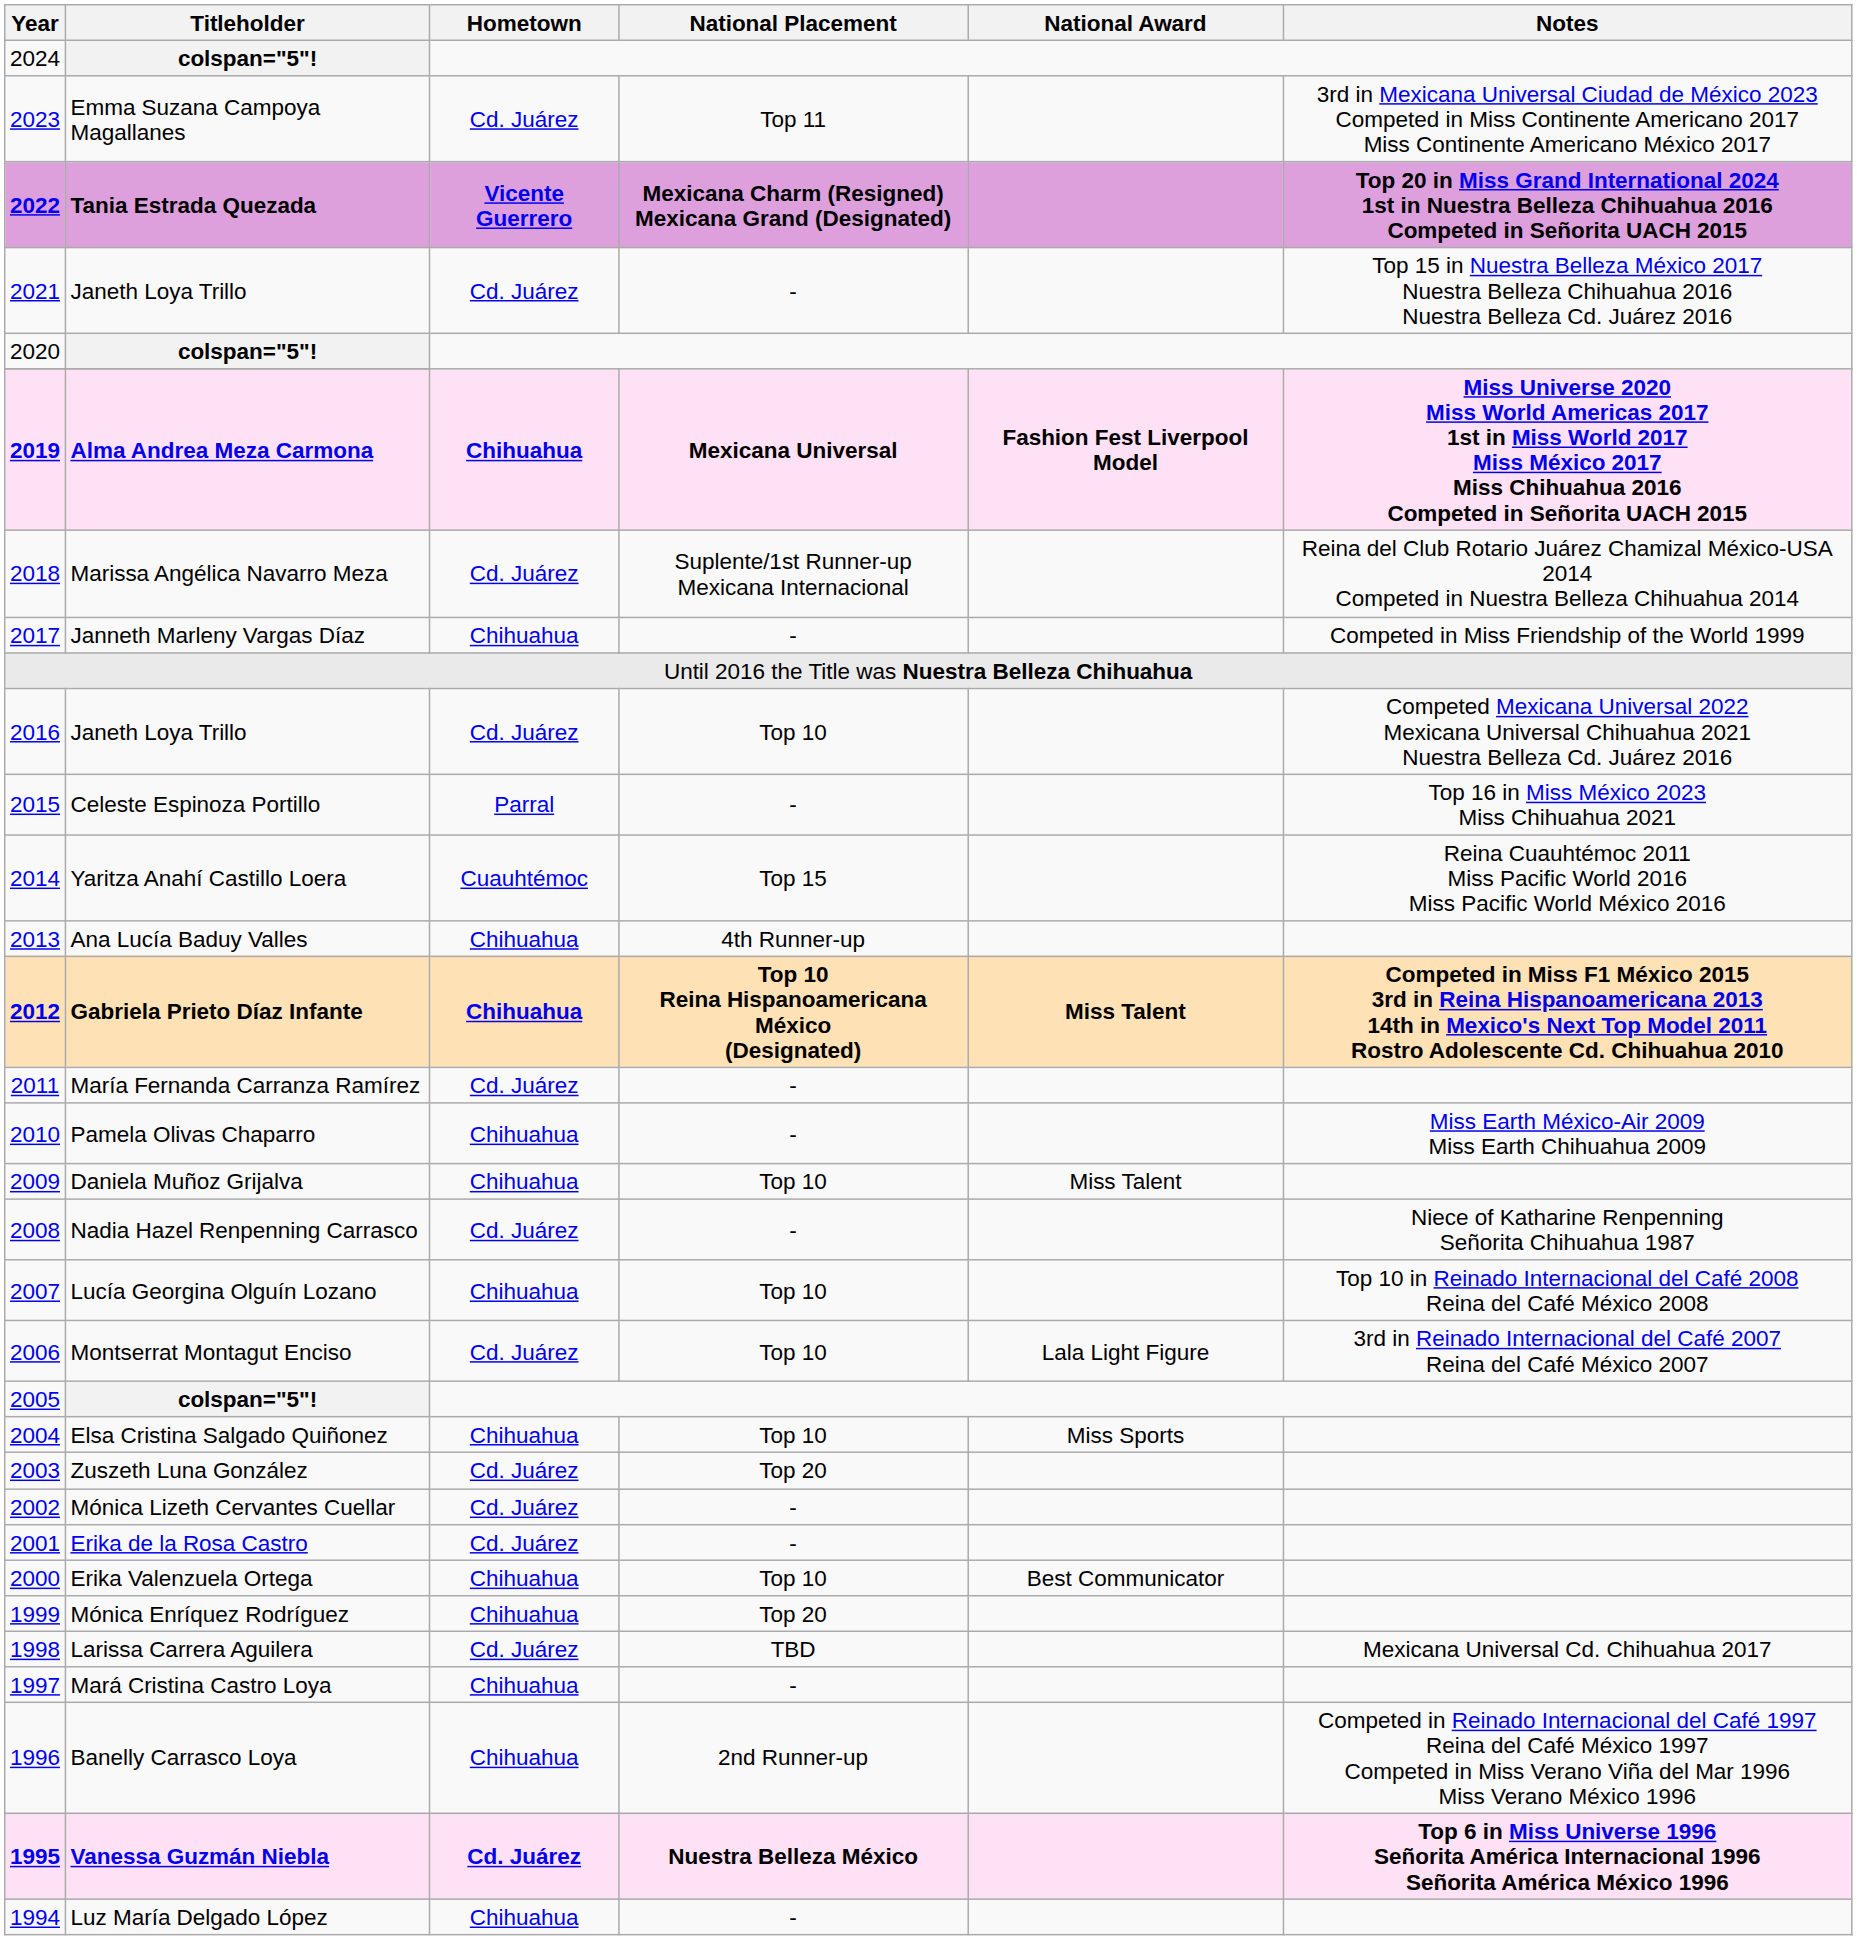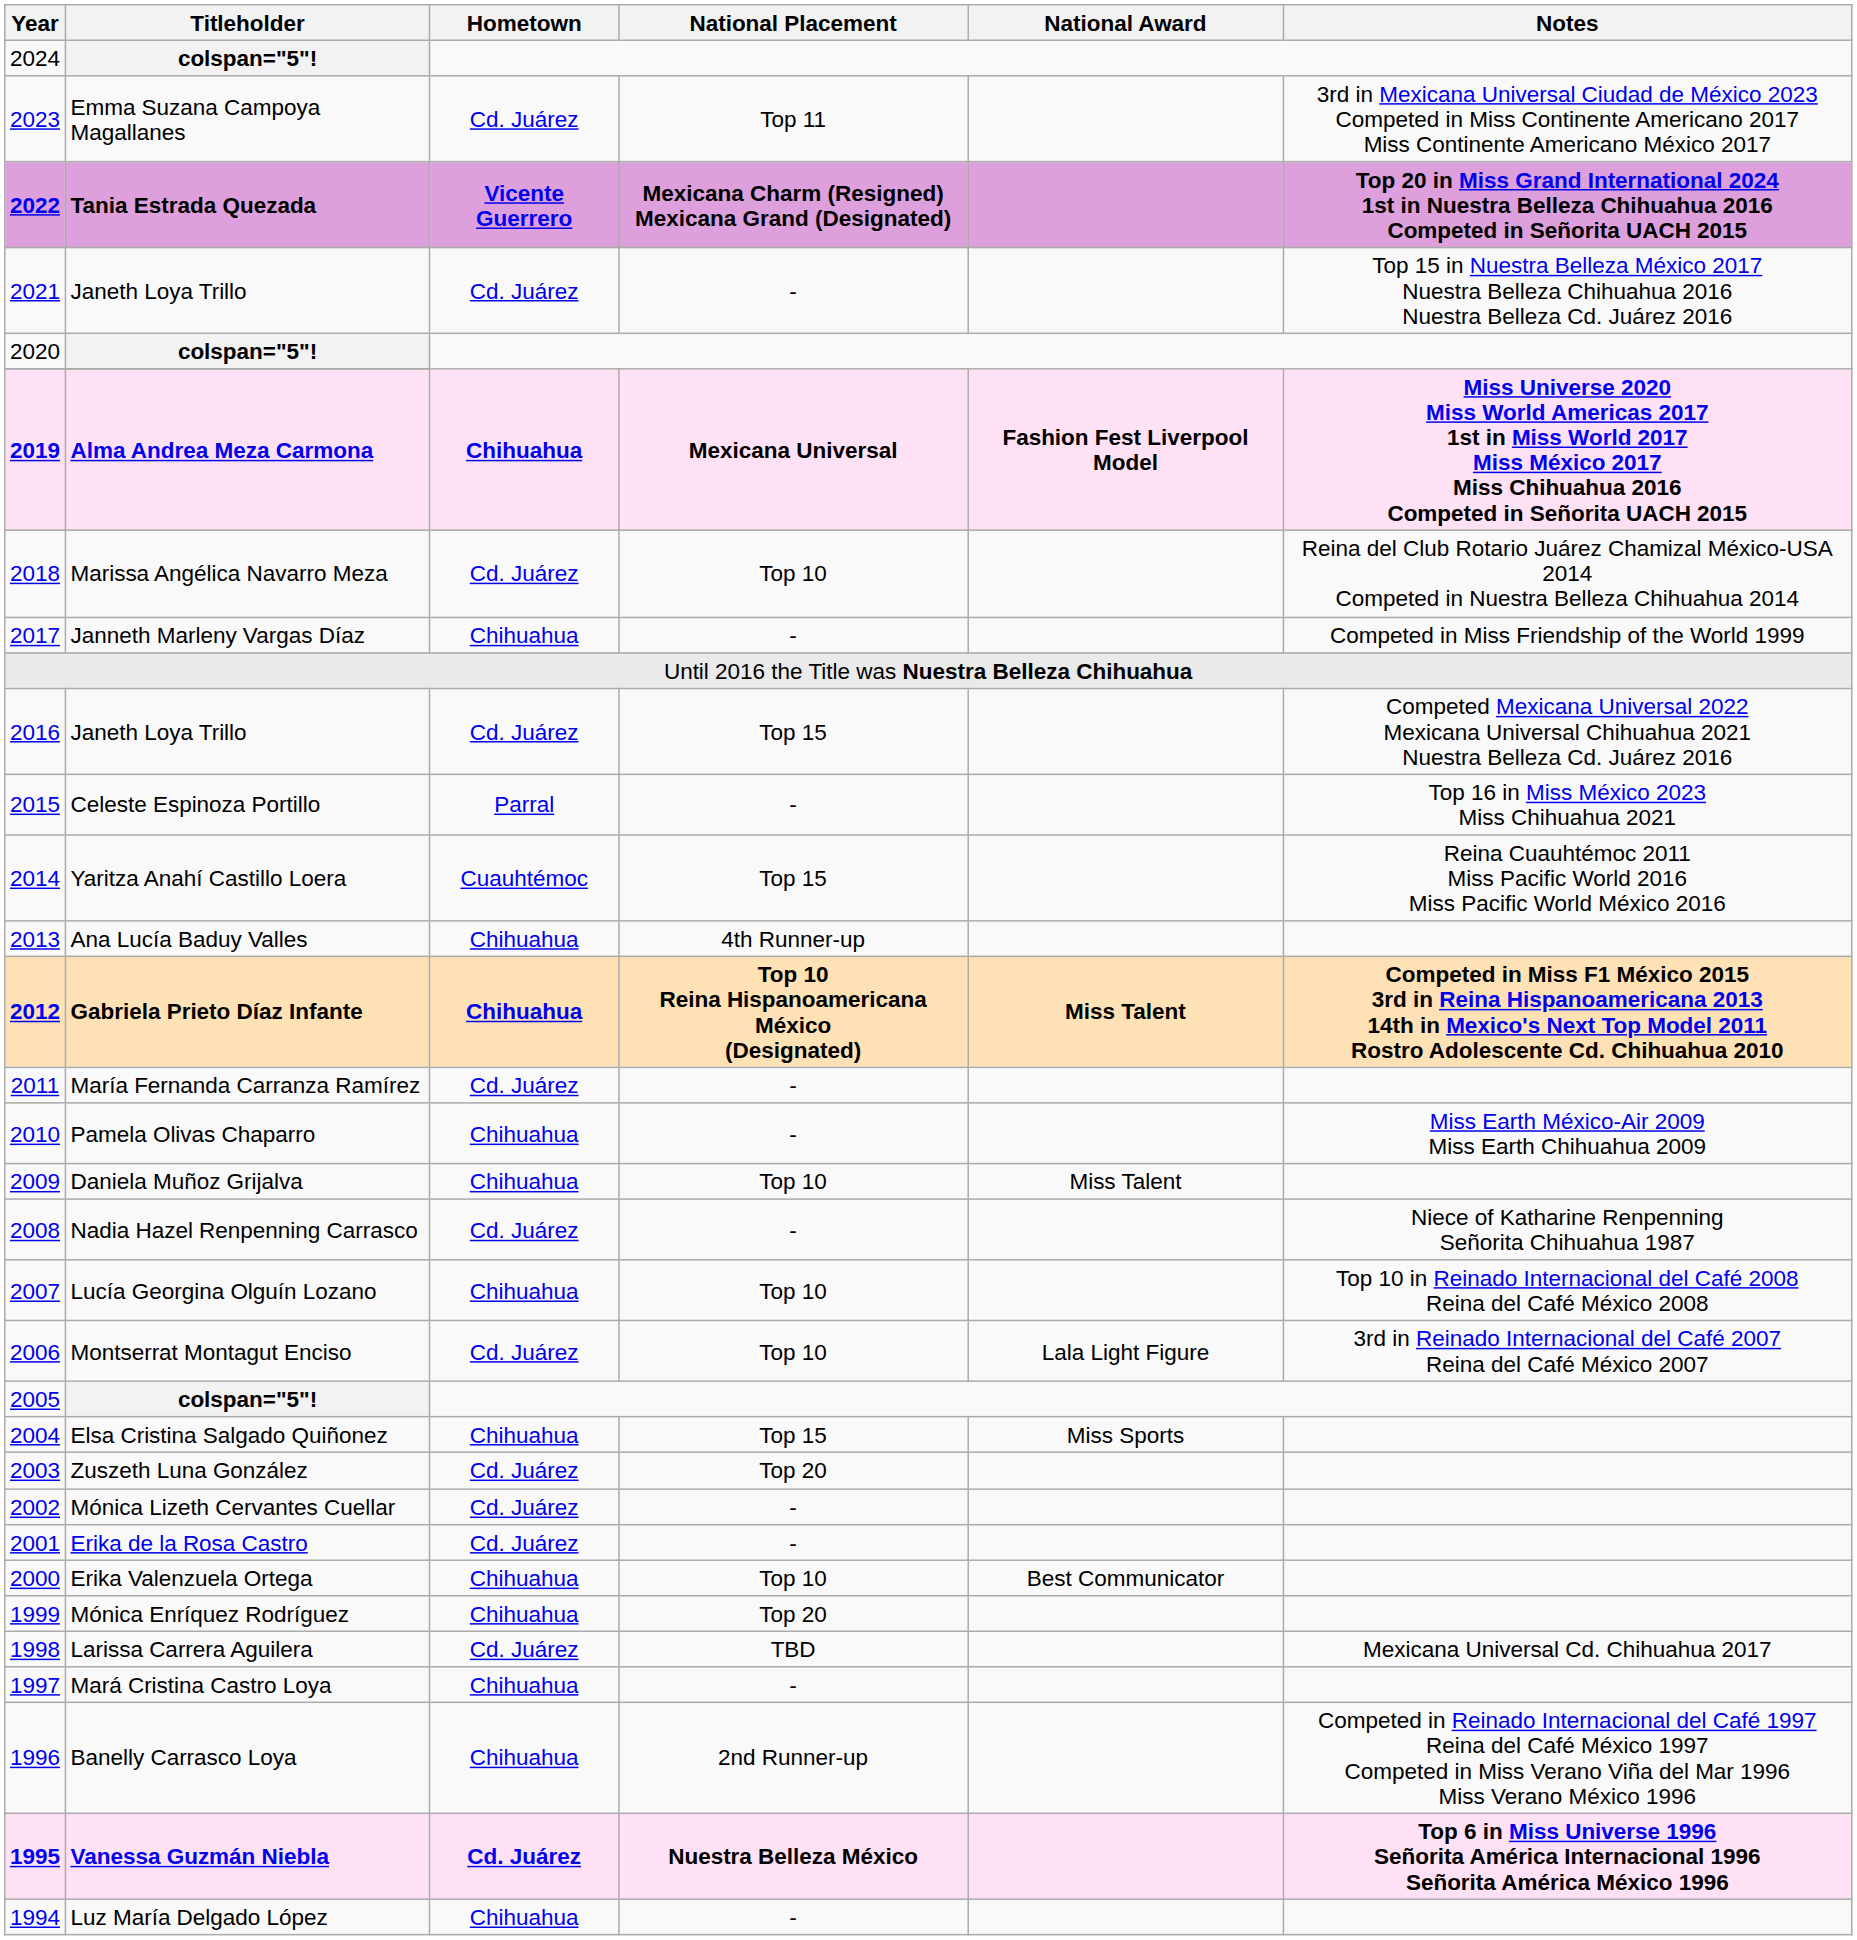 <table class="wikitable sortable" style="font-size: 95%;">
 <tr>
 <th>Year</th>
 <th>Titleholder</th>
 <th>Hometown</th>
 <th>National Placement</th>
 <th>National Award</th>
 <th>Notes</th>
 </tr>
 <tr>
 <td align="center">2024</td>
 <th>colspan="5"!</th>
 </tr>
 <tr>
 <td align="center"><a href='#'>2023</a></td>
 <td>Emma Suzana Campoya Magallanes</td>
 <td align="center"><a href='#'>Cd. Juárez</a></td>
 <td align="center">Top 11</td>
 <td align="center"></td>
 <td align="center">3rd in <a href='#'>Mexicana Universal Ciudad de México 2023</a><br>Competed in Miss Continente Americano 2017<br>Miss Continente Americano México 2017</td>
 </tr>
 <tr bgcolor="#DDA0DD">
 <td align="center"><strong><a href='#'>2022</a></strong></td>
 <td><strong>Tania Estrada Quezada</strong></td>
 <td align="center"><strong><a href='#'>Vicente Guerrero</a></strong></td>
 <td align="center"><strong>Mexicana Charm (Resigned)<br>Mexicana Grand (Designated)</strong></td>
 <td align="center"></td>
 <td align="center"><strong>Top 20 in <a href='#'>Miss Grand International 2024</a><br>1st in Nuestra Belleza Chihuahua 2016<br>Competed in Señorita UACH 2015</strong></td>
 </tr>
 <tr>
 <td align="center"><a href='#'>2021</a></td>
 <td>Janeth Loya Trillo</td>
 <td align="center"><a href='#'>Cd. Juárez</a></td>
 <td align="center">-</td>
 <td align="center"></td>
 <td align="center">Top 15 in <a href='#'>Nuestra Belleza México 2017</a><br>Nuestra Belleza Chihuahua 2016<br>Nuestra Belleza Cd. Juárez 2016</td>
 </tr>
 <tr>
 <td align="center">2020</td>
 <th>colspan="5"!</th>
 </tr>
 <tr>
 </tr>
 <tr bgcolor="#FFE1F5">
 <td align="center"><strong><a href='#'>2019</a></strong></td>
 <td><strong><a href='#'>Alma Andrea Meza Carmona</a></strong></td>
 <td align="center"><strong><a href='#'>Chihuahua</a></strong></td>
 <td align="center"><strong>Mexicana Universal</strong></td>
 <td align="center"><strong>Fashion Fest Liverpool Model</strong></td>
 <td align="center"><strong><a href='#'>Miss Universe 2020</a><br><a href='#'>Miss World Americas 2017</a><br>1st in <a href='#'>Miss World 2017</a><br><a href='#'>Miss México 2017</a><br>Miss Chihuahua 2016<br>Competed in Señorita UACH 2015</strong></td>
 </tr>
 <tr>
 <td align="center"><a href='#'>2018</a></td>
 <td>Marissa Angélica Navarro Meza</td>
 <td align="center"><a href='#'>Cd. Juárez</a></td>
-<td align="center">Suplente/1st Runner-up<br>Mexicana Internacional</td>
+<td align="center">Top 10</td>
 <td align="center"></td>
 <td align="center">Reina del Club Rotario Juárez Chamizal México-USA 2014<br>Competed in Nuestra Belleza Chihuahua 2014</td>
 </tr>
 <tr>
 <td align="center"><a href='#'>2017</a></td>
 <td>Janneth Marleny Vargas Díaz</td>
 <td align="center"><a href='#'>Chihuahua</a></td>
 <td align="center">-</td>
 <td align="center"></td>
 <td align="center">Competed in Miss Friendship of the World 1999</td>
 </tr>
 <tr>
 <td colspan="6" bgcolor="#EAEAEA" style="text-align:center;">Until 2016 the Title was <strong>Nuestra Belleza Chihuahua</strong></td>
 </tr>
 <tr>
 <td align="center"><a href='#'>2016</a></td>
 <td>Janeth Loya Trillo</td>
 <td align="center"><a href='#'>Cd. Juárez</a></td>
-<td align="center">Top 10</td>
+<td align="center">Top 15</td>
 <td align="center"></td>
 <td align="center">Competed <a href='#'>Mexicana Universal 2022</a><br>Mexicana Universal Chihuahua 2021<br>Nuestra Belleza Cd. Juárez 2016</td>
 </tr>
 <tr>
 <td align="center"><a href='#'>2015</a></td>
 <td>Celeste Espinoza Portillo</td>
 <td align="center"><a href='#'>Parral</a></td>
 <td align="center">-</td>
 <td align="center"></td>
 <td align="center">Top 16 in <a href='#'>Miss México 2023</a><br>Miss Chihuahua 2021</td>
 </tr>
 <tr>
 <td align="center"><a href='#'>2014</a></td>
 <td>Yaritza Anahí Castillo Loera</td>
 <td align="center"><a href='#'>Cuauhtémoc</a></td>
 <td align="center">Top 15</td>
 <td align="center"></td>
 <td align="center">Reina Cuauhtémoc 2011<br>Miss Pacific World 2016<br>Miss Pacific World México 2016</td>
 </tr>
 <tr>
 <td align="center"><a href='#'>2013</a></td>
 <td>Ana Lucía Baduy Valles</td>
 <td align="center"><a href='#'>Chihuahua</a></td>
 <td align="center">4th Runner-up</td>
 <td align="center"></td>
 <td align="center"></td>
 </tr>
 <tr bgcolor="#FFE1B6">
 <td align="center"><strong><a href='#'>2012</a></strong></td>
 <td><strong>Gabriela Prieto Díaz Infante</strong></td>
 <td align="center"><strong><a href='#'>Chihuahua</a></strong></td>
 <td align="center"><strong>Top 10<br>Reina Hispanoamericana México<br>(Designated)</strong></td>
 <td align="center"><strong>Miss Talent</strong></td>
 <td align="center"><strong>Competed in Miss F1 México 2015<br>3rd in <a href='#'>Reina Hispanoamericana 2013</a><br>14th in <a href='#'>Mexico's Next Top Model 2011</a><br>Rostro Adolescente Cd. Chihuahua 2010</strong></td>
 </tr>
 <tr>
 <td align="center"><a href='#'>2011</a></td>
 <td>María Fernanda Carranza Ramírez</td>
 <td align="center"><a href='#'>Cd. Juárez</a></td>
 <td align="center">-</td>
 <td align="center"></td>
 <td align="center"></td>
 </tr>
 <tr>
 <td align="center"><a href='#'>2010</a></td>
 <td>Pamela Olivas Chaparro</td>
 <td align="center"><a href='#'>Chihuahua</a></td>
 <td align="center">-</td>
 <td align="center"></td>
 <td align="center"><a href='#'>Miss Earth México-Air 2009</a><br>Miss Earth Chihuahua 2009</td>
 </tr>
 <tr>
 <td align="center"><a href='#'>2009</a></td>
 <td>Daniela Muñoz Grijalva</td>
 <td align="center"><a href='#'>Chihuahua</a></td>
 <td align="center">Top 10</td>
 <td align="center">Miss Talent</td>
 <td align="center"></td>
 </tr>
 <tr>
 <td align="center"><a href='#'>2008</a></td>
 <td>Nadia Hazel Renpenning Carrasco</td>
 <td align="center"><a href='#'>Cd. Juárez</a></td>
 <td align="center">-</td>
 <td align="center"></td>
 <td align="center">Niece of Katharine Renpenning<br>Señorita Chihuahua 1987</td>
 </tr>
 <tr>
 <td align="center"><a href='#'>2007</a></td>
 <td>Lucía Georgina Olguín Lozano</td>
 <td align="center"><a href='#'>Chihuahua</a></td>
 <td align="center">Top 10</td>
 <td align="center"></td>
 <td align="center">Top 10 in <a href='#'>Reinado Internacional del Café 2008</a><br>Reina del Café México 2008</td>
 </tr>
 <tr>
 <td align="center"><a href='#'>2006</a></td>
 <td>Montserrat Montagut Enciso</td>
 <td align="center"><a href='#'>Cd. Juárez</a></td>
 <td align="center">Top 10</td>
 <td align="center">Lala Light Figure</td>
 <td align="center">3rd in <a href='#'>Reinado Internacional del Café 2007</a><br>Reina del Café México 2007</td>
 </tr>
 <tr>
 <td align="center"><a href='#'>2005</a></td>
 <th>colspan="5"!</th>
 </tr>
 <tr>
 <td align="center"><a href='#'>2004</a></td>
 <td>Elsa Cristina Salgado Quiñonez</td>
 <td align="center"><a href='#'>Chihuahua</a></td>
-<td align="center">Top 10</td>
+<td align="center">Top 15</td>
 <td align="center">Miss Sports</td>
 <td align="center"></td>
 </tr>
 <tr>
 <td align="center"><a href='#'>2003</a></td>
 <td>Zuszeth Luna González</td>
 <td align="center"><a href='#'>Cd. Juárez</a></td>
 <td align="center">Top 20</td>
 <td align="center"></td>
 <td align="center"></td>
 </tr>
 <tr>
 <td align="center"><a href='#'>2002</a></td>
 <td>Mónica Lizeth Cervantes Cuellar</td>
 <td align="center"><a href='#'>Cd. Juárez</a></td>
 <td align="center">-</td>
 <td align="center"></td>
 <td align="center"></td>
 </tr>
 <tr>
 <td align="center"><a href='#'>2001</a></td>
 <td><a href='#'>Erika de la Rosa Castro</a></td>
 <td align="center"><a href='#'>Cd. Juárez</a></td>
 <td align="center">-</td>
 <td align="center"></td>
 <td align="center"></td>
 </tr>
 <tr>
 <td align="center"><a href='#'>2000</a></td>
 <td>Erika Valenzuela Ortega</td>
 <td align="center"><a href='#'>Chihuahua</a></td>
 <td align="center">Top 10</td>
 <td align="center">Best Communicator</td>
 <td align="center"></td>
 </tr>
 <tr>
 <td align="center"><a href='#'>1999</a></td>
 <td>Mónica Enríquez Rodríguez</td>
 <td align="center"><a href='#'>Chihuahua</a></td>
 <td align="center">Top 20</td>
 <td align="center"></td>
 <td align="center"></td>
 </tr>
 <tr>
 <td align="center"><a href='#'>1998</a></td>
 <td>Larissa Carrera Aguilera</td>
 <td align="center"><a href='#'>Cd. Juárez</a></td>
 <td align="center">TBD</td>
 <td align="center"></td>
 <td align="center">Mexicana Universal Cd. Chihuahua 2017</td>
 </tr>
 <tr>
 <td align="center"><a href='#'>1997</a></td>
 <td>Mará Cristina Castro Loya</td>
 <td align="center"><a href='#'>Chihuahua</a></td>
 <td align="center">-</td>
 <td align="center"></td>
 <td align="center"></td>
 </tr>
 <tr>
 <td align="center"><a href='#'>1996</a></td>
 <td>Banelly Carrasco Loya</td>
 <td align="center"><a href='#'>Chihuahua</a></td>
 <td align="center">2nd Runner-up</td>
 <td align="center"></td>
 <td align="center">Competed in <a href='#'>Reinado Internacional del Café 1997</a><br>Reina del Café México 1997<br>Competed in Miss Verano Viña del Mar 1996<br>Miss Verano México 1996</td>
 </tr>
 <tr bgcolor="#FFE1F5">
 <td align="center"><strong><a href='#'>1995</a></strong></td>
 <td><strong><a href='#'>Vanessa Guzmán Niebla</a></strong></td>
 <td align="center"><strong><a href='#'>Cd. Juárez</a></strong></td>
 <td align="center"><strong>Nuestra Belleza México</strong></td>
 <td align="center"></td>
 <td align="center"><strong>Top 6 in <a href='#'>Miss Universe 1996</a><br>Señorita América Internacional 1996<br>Señorita América México 1996</strong></td>
 </tr>
 <tr>
 <td align="center"><a href='#'>1994</a></td>
 <td>Luz María Delgado López</td>
 <td align="center"><a href='#'>Chihuahua</a></td>
 <td align="center">-</td>
 <td align="center"></td>
 <td align="center"></td>
 </tr>
 </table>
